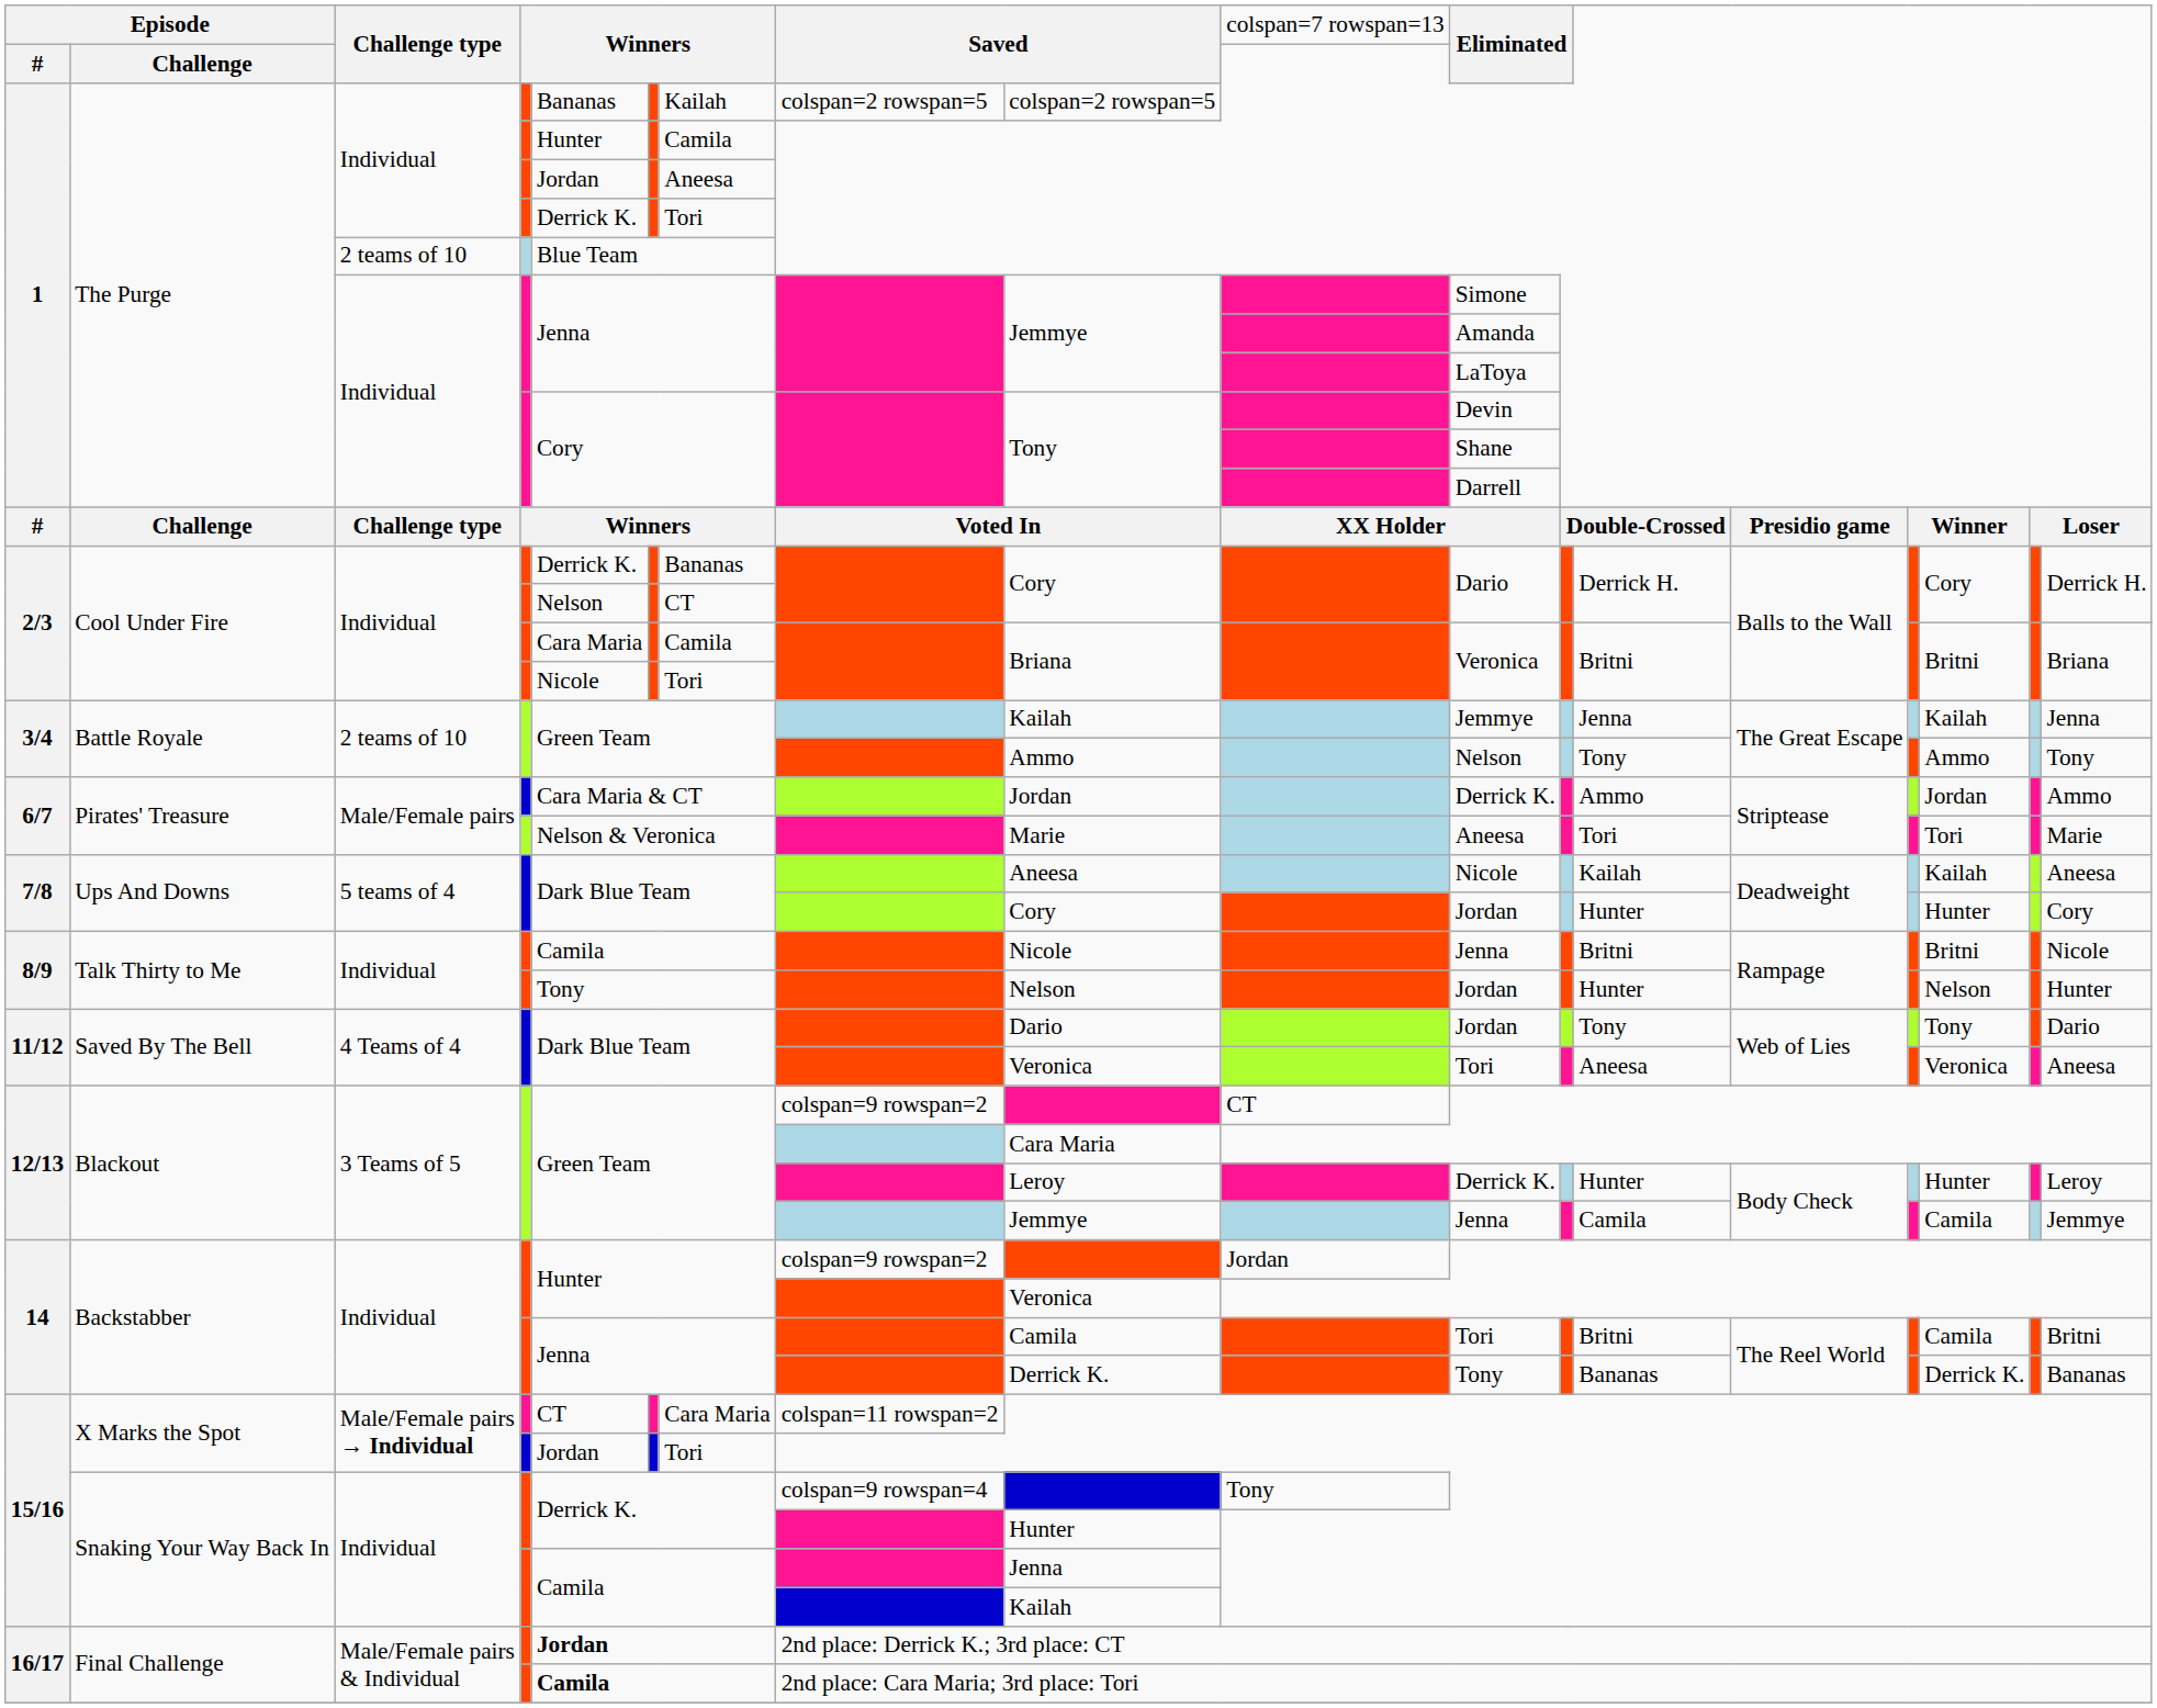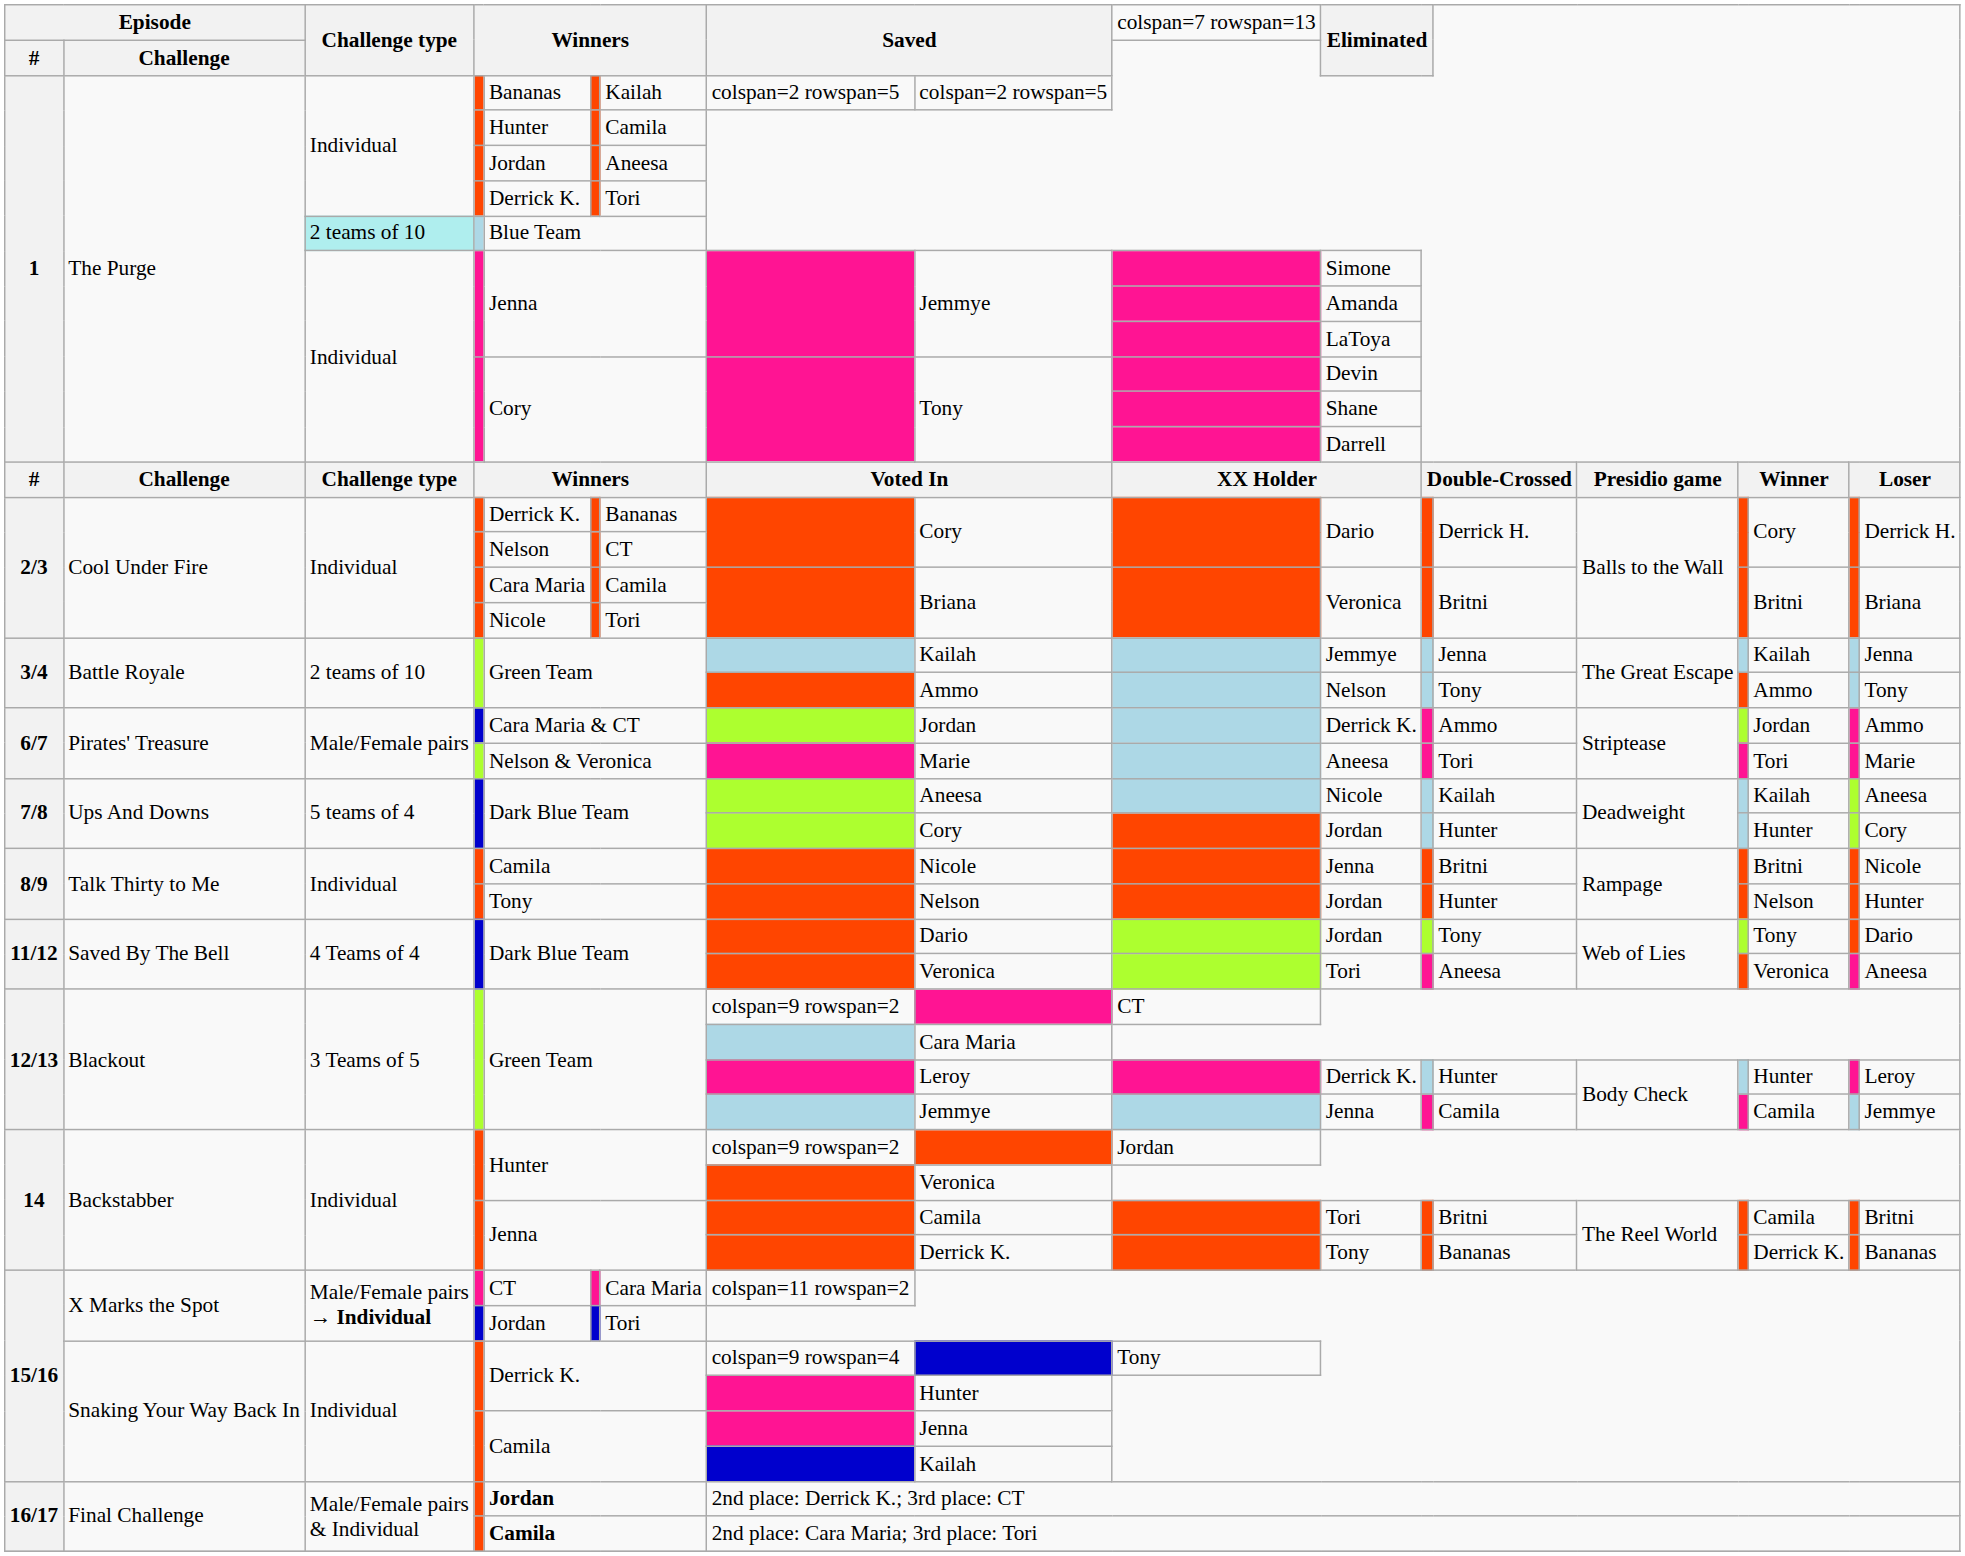 <table class="wikitable" style="font-size:90%; white-space:nowrap">
 <tr>
 <th colspan=2>Episode</th>
 <th rowspan=2>Challenge type</th>
 <th rowspan=2 colspan=4>Winners</th>
 <th rowspan=2 colspan=2>Saved</th>
 <td>colspan=7 rowspan=13 </td>
 <th rowspan=2 colspan=2>Eliminated</th>
 </tr>
 <tr>
 <th>#</th>
 <th>Challenge</th>
 </tr>
 <tr>
 <th rowspan=11>1</th>
 <td rowspan=11 nowrap>The Purge</td>
 <td rowspan=4>Individual</td>
 <td bgcolor="orangered"></td>
 <td>Bananas</td>
 <td bgcolor="orangered"></td>
 <td>Kailah</td>
 <td>colspan=2 rowspan=5 </td>
 <td>colspan=2 rowspan=5 </td>
 </tr>
 <tr>
 <td bgcolor="orangered"></td>
 <td>Hunter</td>
 <td bgcolor="orangered"></td>
 <td>Camila</td>
 </tr>
 <tr>
 <td bgcolor="orangered"></td>
 <td>Jordan</td>
 <td bgcolor="orangered"></td>
 <td>Aneesa</td>
 </tr>
 <tr>
 <td bgcolor="orangered"></td>
 <td nowrap>Derrick K.</td>
 <td bgcolor="orangered"></td>
 <td>Tori</td>
 </tr>
 <tr>
-<td nowrap>2 teams of 10</td>
+<td nowrap style="background: paleturquoise;">2 teams of 10</td>
 <td style="background:lightblue"></td>
 <td colspan=3>Blue Team</td>
 </tr>
 <tr>
 <td rowspan=6>Individual</td>
 <td bgcolor="deeppink" rowspan=3></td>
 <td rowspan=3 colspan=3>Jenna</td>
 <td bgcolor="deeppink" rowspan=3></td>
 <td rowspan=3>Jemmye</td>
 <td bgcolor="deeppink"></td>
 <td>Simone</td>
 </tr>
 <tr>
 <td bgcolor="deeppink"></td>
 <td>Amanda</td>
 </tr>
 <tr>
 <td bgcolor="deeppink"></td>
 <td>LaToya</td>
 </tr>
 <tr>
 <td bgcolor="deeppink" rowspan=3></td>
 <td rowspan=3 colspan=3>Cory</td>
 <td bgcolor="deeppink" rowspan=3></td>
 <td rowspan=3>Tony</td>
 <td bgcolor="deeppink"></td>
 <td>Devin</td>
 </tr>
 <tr>
 <td bgcolor="deeppink"></td>
 <td>Shane</td>
 </tr>
 <tr>
 <td bgcolor="deeppink"></td>
 <td>Darrell</td>
 </tr>
 <tr>
 <th width="15px">#</th>
 <th nowrap>Challenge</th>
 <th nowrap>Challenge type</th>
 <th colspan=4 nowrap>Winners</th>
 <th colspan=2 nowrap>Voted In</th>
 <th colspan=2 nowrap>XX Holder</th>
 <th colspan=2 nowrap>Double-Crossed</th>
 <th nowrap>Presidio game</th>
 <th colspan=2 nowrap>Winner</th>
 <th colspan=2 nowrap>Loser</th>
 </tr>
 <tr>
 <th rowspan=4>2/3</th>
 <td rowspan=4 nowrap>Cool Under Fire</td>
 <td rowspan=4>Individual</td>
 <td bgcolor="orangered"></td>
 <td>Derrick K.</td>
 <td bgcolor="orangered"></td>
 <td>Bananas</td>
 <td rowspan=2 bgcolor="orangered"></td>
 <td rowspan=2>Cory</td>
 <td rowspan=2 bgcolor="orangered" width="1px"></td>
 <td rowspan=2>Dario</td>
 <td rowspan=2 bgcolor="orangered" width="1px"></td>
 <td rowspan=2 nowrap>Derrick H.</td>
 <td rowspan=4 nowrap>Balls to the Wall</td>
 <td rowspan=2 bgcolor="orangered"></td>
 <td rowspan=2>Cory</td>
 <td rowspan=2 bgcolor="orangered"></td>
 <td rowspan=2 nowrap>Derrick H.</td>
 </tr>
 <tr>
 <td bgcolor="orangered"></td>
 <td>Nelson</td>
 <td bgcolor="orangered"></td>
 <td>CT</td>
 </tr>
 <tr>
 <td bgcolor="orangered"></td>
 <td nowrap>Cara Maria</td>
 <td bgcolor="orangered"></td>
 <td>Camila</td>
 <td rowspan=2 bgcolor="orangered"></td>
 <td rowspan=2>Briana</td>
 <td rowspan=2 bgcolor="orangered"></td>
 <td rowspan=2>Veronica</td>
 <td rowspan=2 bgcolor="orangered"></td>
 <td rowspan=2>Britni</td>
 <td rowspan=2 bgcolor="orangered"></td>
 <td rowspan=2>Britni</td>
 <td rowspan=2 bgcolor="orangered"></td>
 <td rowspan=2>Briana</td>
 </tr>
 <tr>
 <td bgcolor="orangered"></td>
 <td>Nicole</td>
 <td bgcolor="orangered"></td>
 <td>Tori</td>
 </tr>
 <tr>
 <th rowspan=2>3/4</th>
 <td rowspan=2 nowrap>Battle Royale</td>
 <td rowspan=2>2 teams of 10</td>
 <td rowspan=2 bgcolor="greenyellow"></td>
 <td colspan=3 rowspan=2>Green Team</td>
 <td bgcolor="lightblue"></td>
 <td>Kailah</td>
 <td bgcolor="lightblue"></td>
 <td>Jemmye</td>
 <td bgcolor="lightblue"></td>
 <td>Jenna</td>
 <td rowspan=2 nowrap>The Great Escape</td>
 <td bgcolor="lightblue"></td>
 <td>Kailah</td>
 <td bgcolor="lightblue"></td>
 <td>Jenna</td>
 </tr>
 <tr>
 <td bgcolor="orangered"></td>
 <td>Ammo</td>
 <td bgcolor="lightblue"></td>
 <td>Nelson</td>
 <td bgcolor="lightblue"></td>
 <td>Tony</td>
 <td bgcolor="orangered"></td>
 <td>Ammo</td>
 <td bgcolor="lightblue"></td>
 <td>Tony</td>
 </tr>
 <tr>
 <th rowspan=2>6/7</th>
 <td rowspan=2 nowrap>Pirates' Treasure</td>
 <td rowspan=2 nowrap>Male/Female pairs</td>
 <td bgcolor="mediumblue"></td>
 <td colspan=3>Cara Maria & CT</td>
 <td bgcolor="greenyellow"></td>
 <td>Jordan</td>
 <td bgcolor="lightblue"></td>
 <td nowrap>Derrick K.</td>
 <td bgcolor="deeppink"></td>
 <td>Ammo</td>
 <td rowspan=2 nowrap>Striptease</td>
 <td bgcolor="greenyellow"></td>
 <td>Jordan</td>
 <td bgcolor="deeppink"></td>
 <td>Ammo</td>
 </tr>
 <tr>
 <td bgcolor="greenyellow"></td>
 <td colspan=3>Nelson & Veronica</td>
 <td bgcolor="deeppink"></td>
 <td>Marie</td>
 <td bgcolor="lightblue"></td>
 <td>Aneesa</td>
 <td bgcolor="deeppink"></td>
 <td>Tori</td>
 <td bgcolor="deeppink"></td>
 <td>Tori</td>
 <td bgcolor="deeppink"></td>
 <td>Marie</td>
 </tr>
 <tr>
 <th rowspan=2>7/8</th>
 <td rowspan=2>Ups And Downs</td>
 <td rowspan=2 nowrap>5 teams of 4</td>
 <td rowspan=2 bgcolor="mediumblue"></td>
 <td colspan=3 rowspan=2>Dark Blue Team</td>
 <td bgcolor="greenyellow"></td>
 <td>Aneesa</td>
 <td bgcolor="lightblue"></td>
 <td>Nicole</td>
 <td bgcolor="lightblue"></td>
 <td>Kailah</td>
 <td rowspan=2 nowrap>Deadweight</td>
 <td bgcolor="lightblue"></td>
 <td>Kailah</td>
 <td bgcolor="greenyellow"></td>
 <td>Aneesa</td>
 </tr>
 <tr>
 <td bgcolor="greenyellow"></td>
 <td>Cory</td>
 <td bgcolor="orangered"></td>
 <td>Jordan</td>
 <td bgcolor="lightblue"></td>
 <td>Hunter</td>
 <td bgcolor="lightblue"></td>
 <td>Hunter</td>
 <td bgcolor="greenyellow"></td>
 <td>Cory</td>
 </tr>
 <tr>
 <th rowspan=2>8/9</th>
 <td rowspan=2>Talk Thirty to Me</td>
 <td rowspan=2>Individual</td>
 <td bgcolor="orangered"></td>
 <td colspan=3>Camila</td>
 <td bgcolor="orangered"></td>
 <td>Nicole</td>
 <td bgcolor="orangered"></td>
 <td>Jenna</td>
 <td bgcolor="orangered"></td>
 <td>Britni</td>
 <td rowspan=2>Rampage</td>
 <td bgcolor="orangered"></td>
 <td>Britni</td>
 <td bgcolor="orangered"></td>
 <td>Nicole</td>
 </tr>
 <tr>
 <td bgcolor="orangered"></td>
 <td colspan=3>Tony</td>
 <td bgcolor="orangered"></td>
 <td>Nelson</td>
 <td bgcolor="orangered"></td>
 <td>Jordan</td>
 <td bgcolor="orangered"></td>
 <td>Hunter</td>
 <td bgcolor="orangered"></td>
 <td>Nelson</td>
 <td bgcolor="orangered"></td>
 <td>Hunter</td>
 </tr>
 <tr>
 <th rowspan=2>11/12</th>
 <td rowspan=2 nowrap>Saved By The Bell</td>
 <td rowspan=2>4 Teams of 4</td>
 <td rowspan=2 bgcolor="mediumblue"></td>
 <td colspan=3 rowspan=2>Dark Blue Team</td>
 <td bgcolor="orangered"></td>
 <td>Dario</td>
 <td bgcolor="greenyellow"></td>
 <td>Jordan</td>
 <td bgcolor="greenyellow"></td>
 <td>Tony</td>
 <td rowspan=2>Web of Lies</td>
 <td bgcolor="greenyellow"></td>
 <td>Tony</td>
 <td bgcolor="orangered"></td>
 <td>Dario</td>
 </tr>
 <tr>
 <td bgcolor="orangered"></td>
 <td>Veronica</td>
 <td bgcolor="greenyellow"></td>
 <td>Tori</td>
 <td bgcolor="deeppink"></td>
 <td>Aneesa</td>
 <td bgcolor="orangered"></td>
 <td>Veronica</td>
 <td bgcolor="deeppink"></td>
 <td>Aneesa</td>
 </tr>
 <tr>
 <th rowspan=4>12/13</th>
 <td rowspan=4>Blackout</td>
 <td rowspan=4>3 Teams of 5</td>
 <td rowspan=4 bgcolor="greenyellow"></td>
 <td colspan=3 rowspan=4>Green Team</td>
 <td>colspan=9 rowspan=2 </td>
 <td bgcolor="deeppink"></td>
 <td>CT</td>
 </tr>
 <tr>
 <td bgcolor="lightblue"></td>
 <td nowrap>Cara Maria</td>
 </tr>
 <tr>
 <td bgcolor="deeppink"></td>
 <td>Leroy</td>
 <td bgcolor="deeppink"></td>
 <td nowrap>Derrick K.</td>
 <td bgcolor="lightblue"></td>
 <td>Hunter</td>
 <td rowspan=2>Body Check</td>
 <td bgcolor="lightblue"></td>
 <td>Hunter</td>
 <td bgcolor="deeppink"></td>
 <td>Leroy</td>
 </tr>
 <tr>
 <td bgcolor="lightblue"></td>
 <td>Jemmye</td>
 <td bgcolor="lightblue"></td>
 <td>Jenna</td>
 <td bgcolor="deeppink"></td>
 <td>Camila</td>
 <td bgcolor="deeppink"></td>
 <td>Camila</td>
 <td bgcolor="lightblue"></td>
 <td>Jemmye</td>
 </tr>
 <tr>
 <th rowspan=4>14</th>
 <td rowspan=4>Backstabber</td>
 <td rowspan=4>Individual</td>
 <td rowspan=2 bgcolor="orangered"></td>
 <td rowspan=2 colspan=3>Hunter</td>
 <td>colspan=9 rowspan=2 </td>
 <td bgcolor="orangered"></td>
 <td>Jordan</td>
 </tr>
 <tr>
 <td bgcolor="orangered"></td>
 <td>Veronica</td>
 </tr>
 <tr>
 <td rowspan=2 bgcolor="orangered"></td>
 <td rowspan=2 colspan=3>Jenna</td>
 <td bgcolor="orangered"></td>
 <td>Camila</td>
 <td bgcolor="orangered"></td>
 <td>Tori</td>
 <td bgcolor="orangered"></td>
 <td>Britni</td>
 <td rowspan=2>The Reel World</td>
 <td bgcolor="orangered"></td>
 <td>Camila</td>
 <td bgcolor="orangered"></td>
 <td>Britni</td>
 </tr>
 <tr>
 <td bgcolor="orangered"></td>
 <td nowrap>Derrick K.</td>
 <td bgcolor="orangered"></td>
 <td>Tony</td>
 <td bgcolor="orangered"></td>
 <td>Bananas</td>
 <td bgcolor="orangered"></td>
 <td nowrap>Derrick K.</td>
 <td bgcolor="orangered"></td>
 <td>Bananas</td>
 </tr>
 <tr>
 <th rowspan=6>15/16</th>
 <td rowspan=2>X Marks the Spot</td>
 <td rowspan=2>Male/Female pairs<br>→ <strong>Individual</strong></td>
 <td bgcolor="deeppink"></td>
 <td>CT</td>
 <td bgcolor="deeppink"></td>
 <td nowrap>Cara Maria</td>
 <td>colspan=11 rowspan=2 </td>
 </tr>
 <tr>
 <td bgcolor="mediumblue"></td>
 <td>Jordan</td>
 <td bgcolor="mediumblue"></td>
 <td>Tori</td>
 </tr>
 <tr>
 <td rowspan=4 nowrap>Snaking Your Way Back In</td>
 <td rowspan=4>Individual</td>
 <td rowspan=2 bgcolor="orangered"></td>
 <td rowspan=2 colspan=3>Derrick K.</td>
 <td>colspan=9 rowspan=4 </td>
 <td bgcolor="mediumblue"></td>
 <td>Tony</td>
 </tr>
 <tr>
 <td bgcolor="deeppink"></td>
 <td>Hunter</td>
 </tr>
 <tr>
 <td rowspan=2 bgcolor="orangered"></td>
 <td rowspan=2 colspan=3>Camila</td>
 <td bgcolor="deeppink"></td>
 <td>Jenna</td>
 </tr>
 <tr>
 <td bgcolor="mediumblue"></td>
 <td>Kailah</td>
 </tr>
 <tr>
 <th rowspan=2>16/17</th>
 <td rowspan=2>Final Challenge</td>
 <td rowspan=2>Male/Female pairs<br>& Individual</td>
 <td bgcolor="orangered"></td>
 <td colspan=3><strong>Jordan</strong></td>
 <td colspan="12">2nd place: Derrick K.; 3rd place: CT</td>
 </tr>
 <tr>
 <td bgcolor="orangered"></td>
 <td colspan=3><strong>Camila</strong></td>
 <td colspan="12">2nd place: Cara Maria; 3rd place: Tori</td>
 </tr>
 <tr>
 </tr>
 </table>
